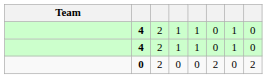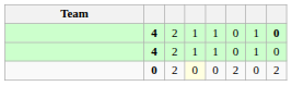 <table class="wikitable" style="text-align: center;">
 <tr>
 <th width=180>Team</th>
 <th width=20></th>
 <th width=20></th>
 <th width=20></th>
 <th width=20></th>
 <th width=20></th>
 <th width=20></th>
 <th width=20></th>
 </tr>
 <tr bgcolor=ccffcc>
 <td align=left></td>
 <td><strong>4</strong></td>
 <td>2</td>
 <td>1</td>
 <td>1</td>
 <td>0</td>
 <td>1</td>
-<td>0</td>
+<td><strong>0</strong></td>
 </tr>
 <tr bgcolor=ccffcc>
 <td align=left></td>
 <td><strong>4</strong></td>
 <td>2</td>
 <td>1</td>
 <td>1</td>
 <td>0</td>
 <td>1</td>
 <td>0</td>
 </tr>
 <tr>
 <td align=left></td>
 <td><strong>0</strong></td>
 <td>2</td>
-<td>0</td>
+<td style="background: lightyellow;">0</td>
 <td>0</td>
 <td>2</td>
 <td>0</td>
 <td>2</td>
 </tr>
 </table>
